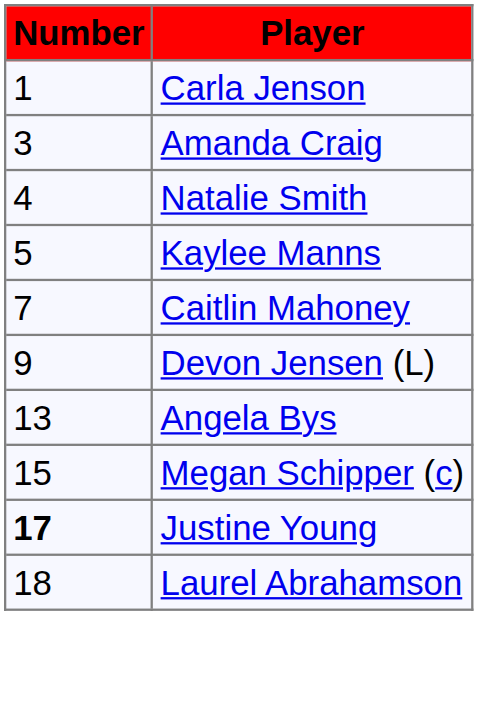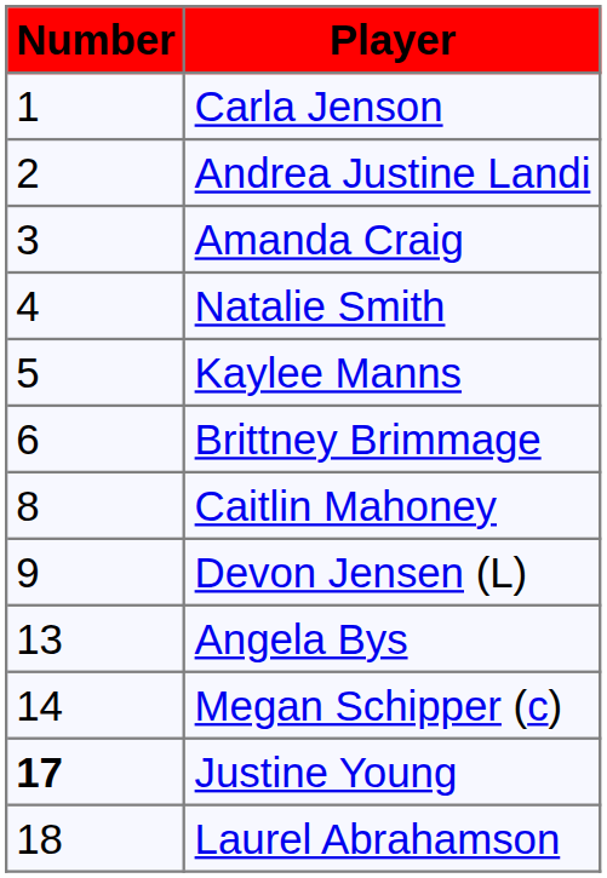 <table bgcolor="#f7f8ff" cellpadding="3" cellspacing="0" border="1" style="font-size: 95%; border: gray solid 1px; border-collapse: collapse;">
 <tr bgcolor="#ff0000">
 <td align=center><strong>Number</strong></td>
 <td align=center><strong>Player</strong></td>
 </tr>
 <tr align="left">
 <td>1</td>
 <td> <a href='#'>Carla Jenson</a></td>
+</tr>
+<tr align=left>
+<td>2</td>
+<td> <a href='#'>Andrea Justine Landi</a></td>
 </tr>
 <tr align="left">
 <td>3</td>
 <td> <a href='#'>Amanda Craig</a></td>
 </tr>
 <tr align="left">
 <td>4</td>
 <td> <a href='#'>Natalie Smith</a></td>
 </tr>
 <tr align="left">
 <td>5</td>
 <td> <a href='#'>Kaylee Manns</a></td>
 </tr>
 <tr align="left">
-<td>7</td>
+<td>6</td>
+<td> <a href='#'>Brittney Brimmage</a></td>
+</tr>
+<tr align="left">
+<td>8</td>
 <td> <a href='#'>Caitlin Mahoney</a></td>
 </tr>
 <tr align="left">
 <td>9</td>
 <td> <a href='#'>Devon Jensen</a> (L)</td>
 </tr>
 <tr align="left">
 <td>13</td>
 <td> <a href='#'>Angela Bys</a></td>
 </tr>
 <tr align="left">
-<td>15</td>
+<td>14</td>
 <td> <a href='#'>Megan Schipper</a> (<a href='#'>c</a>)</td>
 </tr>
 <tr align="left">
 <td><strong>17</strong></td>
 <td> <a href='#'>Justine Young</a></td>
 </tr>
 <tr align="left">
 <td>18</td>
 <td> <a href='#'>Laurel Abrahamson</a></td>
 </tr>
 </table>
